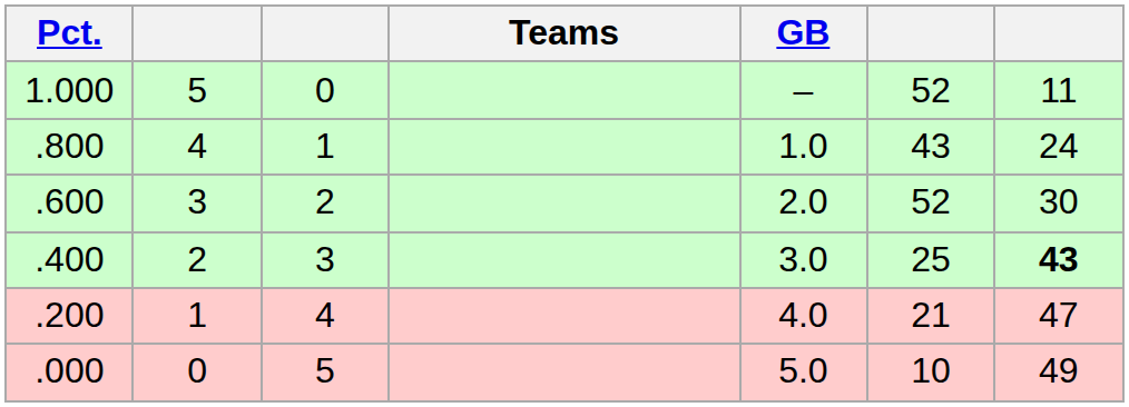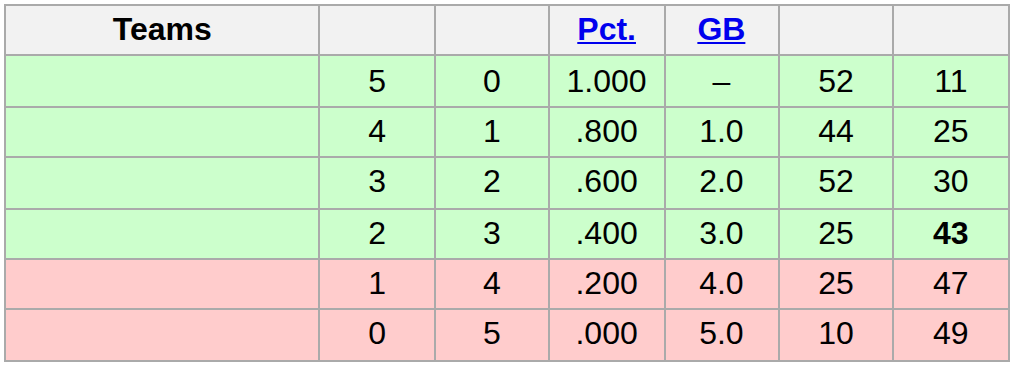 <table class="wikitable" style="text-align: center;">
 <tr>
-<th style="width: 50px;"><a href='#'>Pct.</a></th>
+<th style="width: 150px;">Teams</th>
 <th style="width: 50px;"></th>
 <th style="width: 50px;"></th>
-<th style="width: 150px;">Teams</th>
+<th style="width: 50px;"><a href='#'>Pct.</a></th>
 <th style="width: 50px;"><a href='#'>GB</a></th>
 <th style="width: 50px;"></th>
 <th style="width: 50px;"></th>
 </tr>
 <tr style="background: #CFC;">
-<td>1.000</td>
+<td style="text-align: left;"></td>
 <td>5</td>
 <td>0</td>
-<td style="text-align: left;"></td>
+<td>1.000</td>
 <td>–</td>
 <td>52</td>
 <td>11</td>
 </tr>
 <tr style="background: #CFC;">
-<td>.800</td>
+<td style="text-align: left;"></td>
 <td>4</td>
 <td>1</td>
-<td style="text-align: left;"></td>
+<td>.800</td>
 <td>1.0</td>
-<td>43</td>
-<td>24</td>
+<td>44</td>
+<td>25</td>
 </tr>
 <tr style="background: #CFC;">
-<td>.600</td>
+<td style="text-align: left;"></td>
 <td>3</td>
 <td>2</td>
-<td style="text-align: left;"></td>
+<td>.600</td>
 <td>2.0</td>
 <td>52</td>
 <td>30</td>
 </tr>
 <tr style="background: #CFC;">
-<td>.400</td>
+<td style="text-align: left;"></td>
 <td>2</td>
 <td>3</td>
-<td style="text-align: left;"></td>
+<td>.400</td>
 <td>3.0</td>
 <td>25</td>
 <td><strong>43</strong></td>
 </tr>
 <tr style="background: #FCC;">
-<td>.200</td>
+<td style="text-align: left;"></td>
 <td>1</td>
 <td>4</td>
-<td style="text-align: left;"></td>
+<td>.200</td>
 <td>4.0</td>
-<td>21</td>
+<td>25</td>
 <td>47</td>
 </tr>
 <tr style="background: #FCC;">
-<td>.000</td>
+<td style="text-align: left;"></td>
 <td>0</td>
 <td>5</td>
-<td style="text-align: left;"></td>
+<td>.000</td>
 <td>5.0</td>
 <td>10</td>
 <td>49</td>
 </tr>
 </table>
